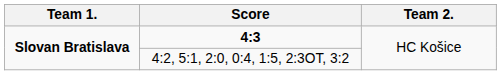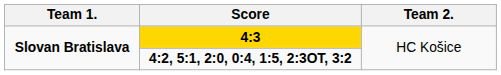 <table class="wikitable" style="text-align: center;">
 <tr>
 <th width="150"><strong>Team 1.</strong></th>
 <th width="250"><strong>Score</strong></th>
 <th width="150"><strong>Team 2.</strong></th>
 </tr>
 <tr>
 <td rowspan="2" valign="left"><strong>Slovan Bratislava</strong></td>
-<td><strong>4:3</strong></td>
+<td style="background: gold;"><strong>4:3</strong></td>
 <td rowspan="2" valign="left">HC Košice</td>
 </tr>
 <tr>
-<td>4:2, 5:1, 2:0, 0:4, 1:5, 2:3OT, 3:2</td>
+<td><strong>4:2, 5:1, 2:0, 0:4, 1:5, 2:3OT, 3:2</strong></td>
 </tr>
 </table>
